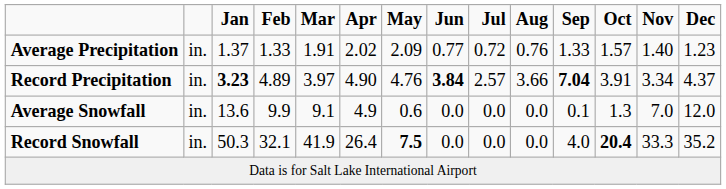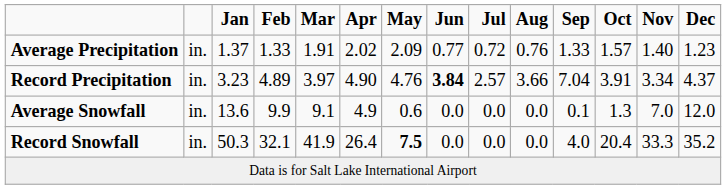 <table border=1 cellpadding=4 align=center cellspacing=0 style="text-align:right; background:#f9f9f9; border:1px #aaa solid; border-collapse:collapse;">
 <tr>
 <th></th>
 <th></th>
 <th>Jan</th>
 <th>Feb</th>
 <th>Mar</th>
 <th>Apr</th>
 <th>May</th>
 <th>Jun</th>
 <th>Jul</th>
 <th>Aug</th>
 <th>Sep</th>
 <th>Oct</th>
 <th>Nov</th>
 <th>Dec</th>
 </tr>
 <tr>
 <th align=left>Average Precipitation</th>
 <td align=center>in.</td>
 <td>1.37</td>
 <td>1.33</td>
 <td>1.91</td>
 <td>2.02</td>
 <td>2.09</td>
 <td>0.77</td>
 <td>0.72</td>
 <td>0.76</td>
 <td>1.33</td>
 <td>1.57</td>
 <td>1.40</td>
 <td>1.23</td>
 </tr>
 <tr>
 <th align=left>Record Precipitation</th>
 <td align=center>in.</td>
-<td><strong>3.23</strong></td>
+<td>3.23</td>
 <td>4.89</td>
 <td>3.97</td>
 <td>4.90</td>
 <td>4.76</td>
 <td><strong>3.84</strong></td>
 <td>2.57</td>
 <td>3.66</td>
-<td><strong>7.04</strong></td>
+<td>7.04</td>
 <td>3.91</td>
 <td>3.34</td>
 <td>4.37</td>
 </tr>
 <tr>
 <th align=left>Average Snowfall</th>
 <td align=center>in.</td>
 <td>13.6</td>
 <td>9.9</td>
 <td>9.1</td>
 <td>4.9</td>
 <td>0.6</td>
 <td>0.0</td>
 <td>0.0</td>
 <td>0.0</td>
 <td>0.1</td>
 <td>1.3</td>
 <td>7.0</td>
 <td>12.0</td>
 </tr>
 <tr>
 <th align=left>Record Snowfall</th>
 <td align=center>in.</td>
 <td>50.3</td>
 <td>32.1</td>
 <td>41.9</td>
 <td>26.4</td>
 <td><strong>7.5</strong></td>
 <td>0.0</td>
 <td>0.0</td>
 <td>0.0</td>
 <td>4.0</td>
-<td><strong>20.4</strong></td>
+<td>20.4</td>
 <td>33.3</td>
 <td>35.2</td>
 </tr>
 <tr>
 <td colspan=14 align=center bgcolor=#f0f0f0 style="font-size:75%">Data is for Salt Lake International Airport</td>
 </tr>
 </table>
